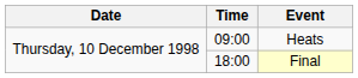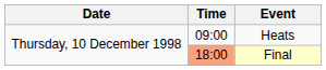 <table class = "wikitable" style="text-align:center;">
 <tr>
 <th width=220>Date</th>
 <th width=50>Time</th>
 <th width=100>Event</th>
 </tr>
 <tr>
 <td rowspan=2>Thursday, 10 December 1998</td>
 <td>09:00</td>
 <td>Heats</td>
 </tr>
 <tr>
-<td>18:00</td>
+<td style="background: lightsalmon;">18:00</td>
 <td bgcolor=ffffcc>Final</td>
 </tr>
 </table>
